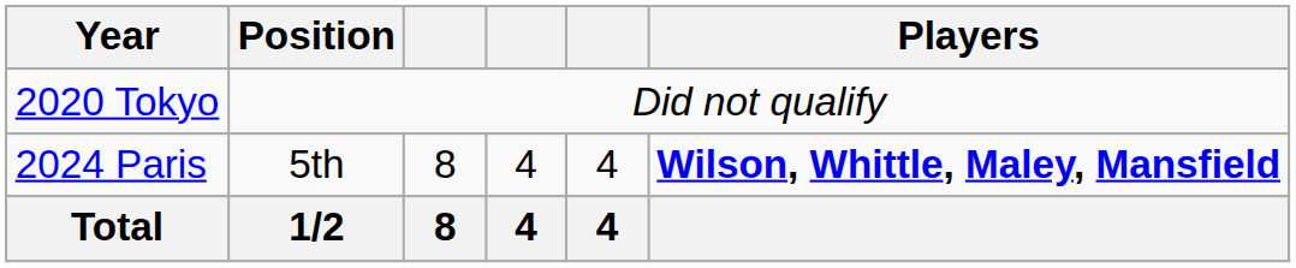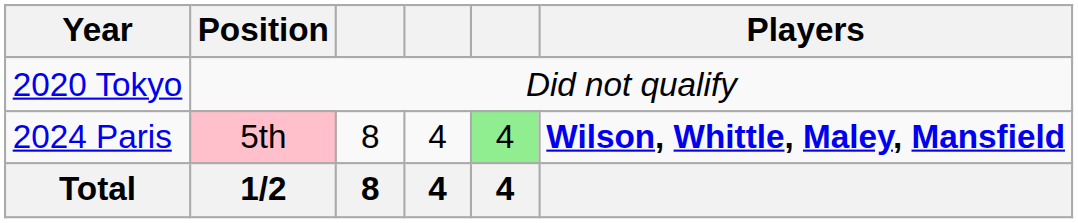 <table class="wikitable" style="text-align: center;">
 <tr>
 <th>Year</th>
 <th>Position</th>
 <th width=25px></th>
 <th width=25px></th>
 <th width=25px></th>
 <th>Players</th>
 </tr>
 <tr>
 <td style="text-align: left;"> <a href='#'>2020 Tokyo</a></td>
 <td colspan=5><em>Did not qualify</em></td>
 </tr>
 <tr>
 <td style="text-align: left;"> <a href='#'>2024 Paris</a></td>
-<td>5th</td>
+<td style="background: pink;">5th</td>
 <td>8</td>
 <td>4</td>
-<td>4</td>
+<td style="background: lightgreen;">4</td>
 <td><strong><a href='#'>Wilson</a>, <a href='#'>Whittle</a>, <a href='#'>Maley</a>, <a href='#'>Mansfield</a></strong></td>
 </tr>
 <tr>
 <th>Total</th>
 <th>1/2</th>
 <th>8</th>
 <th>4</th>
 <th>4</th>
 <th></th>
 </tr>
 </table>
